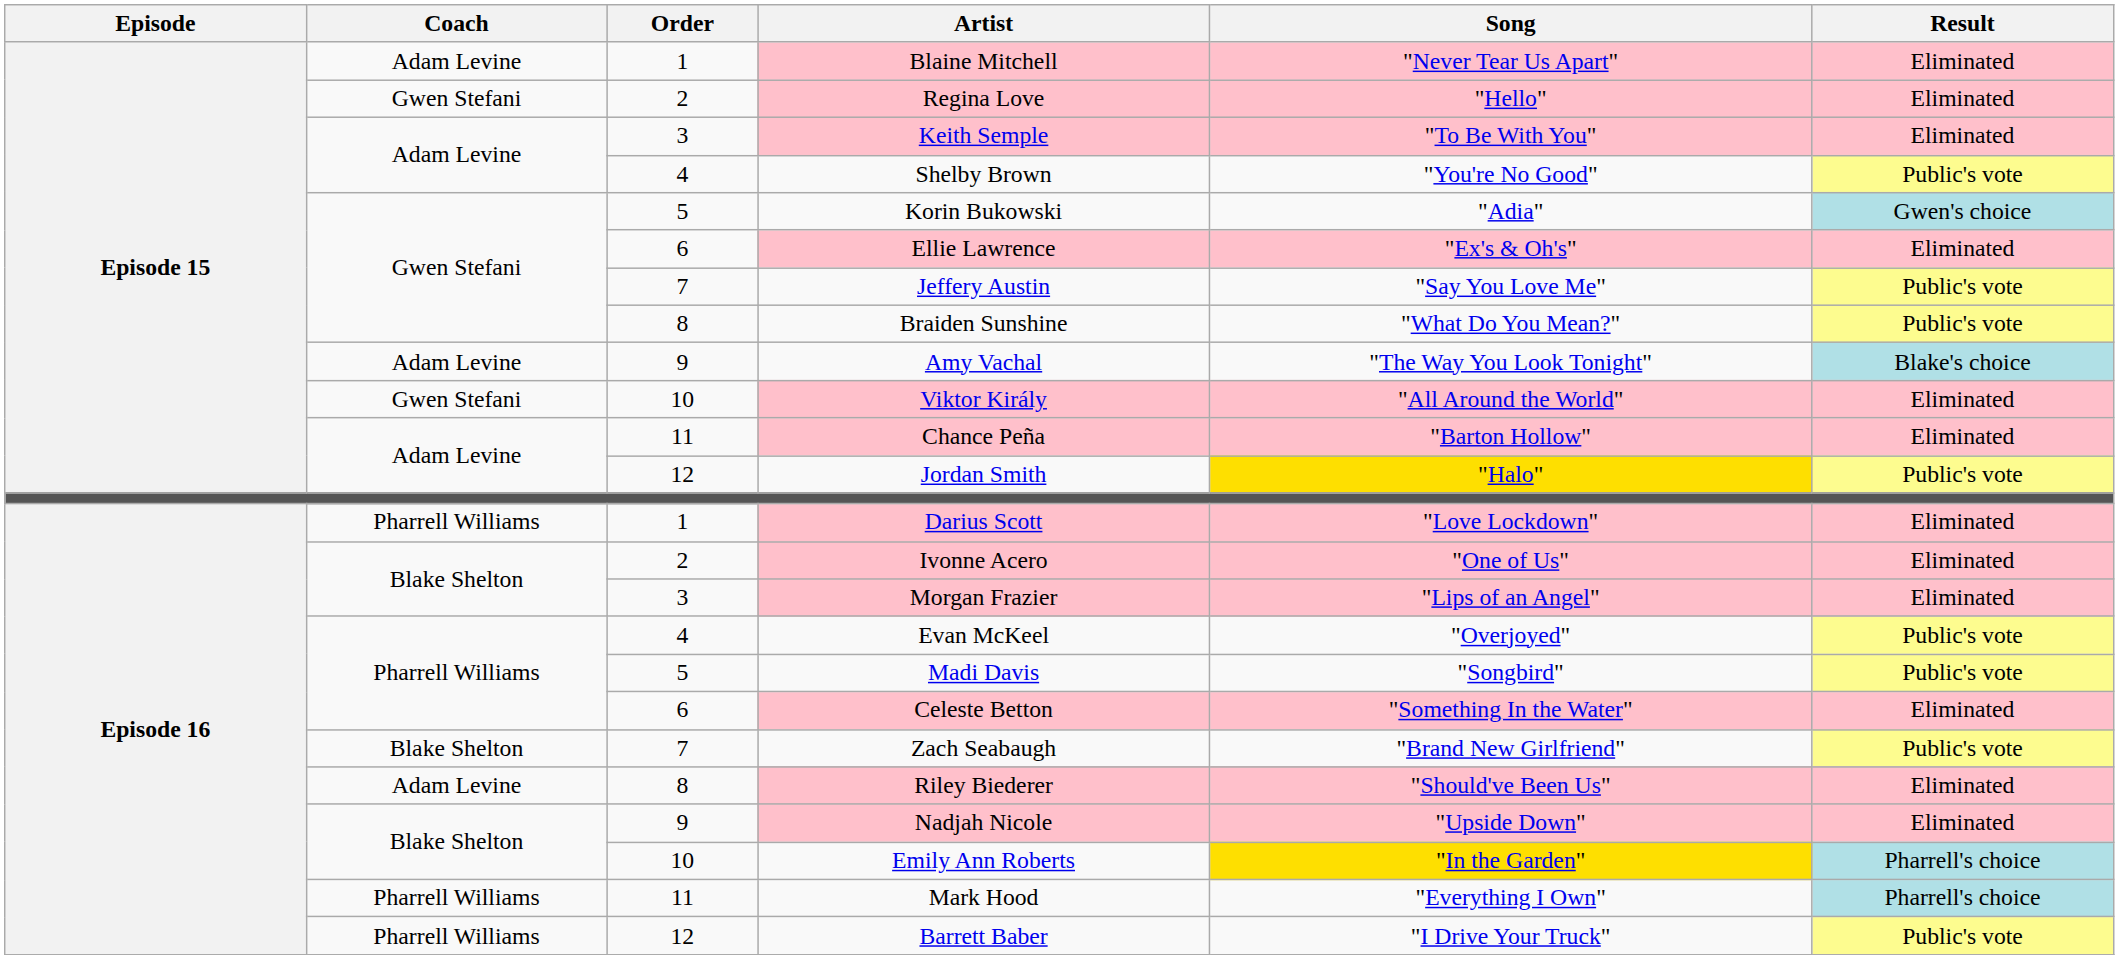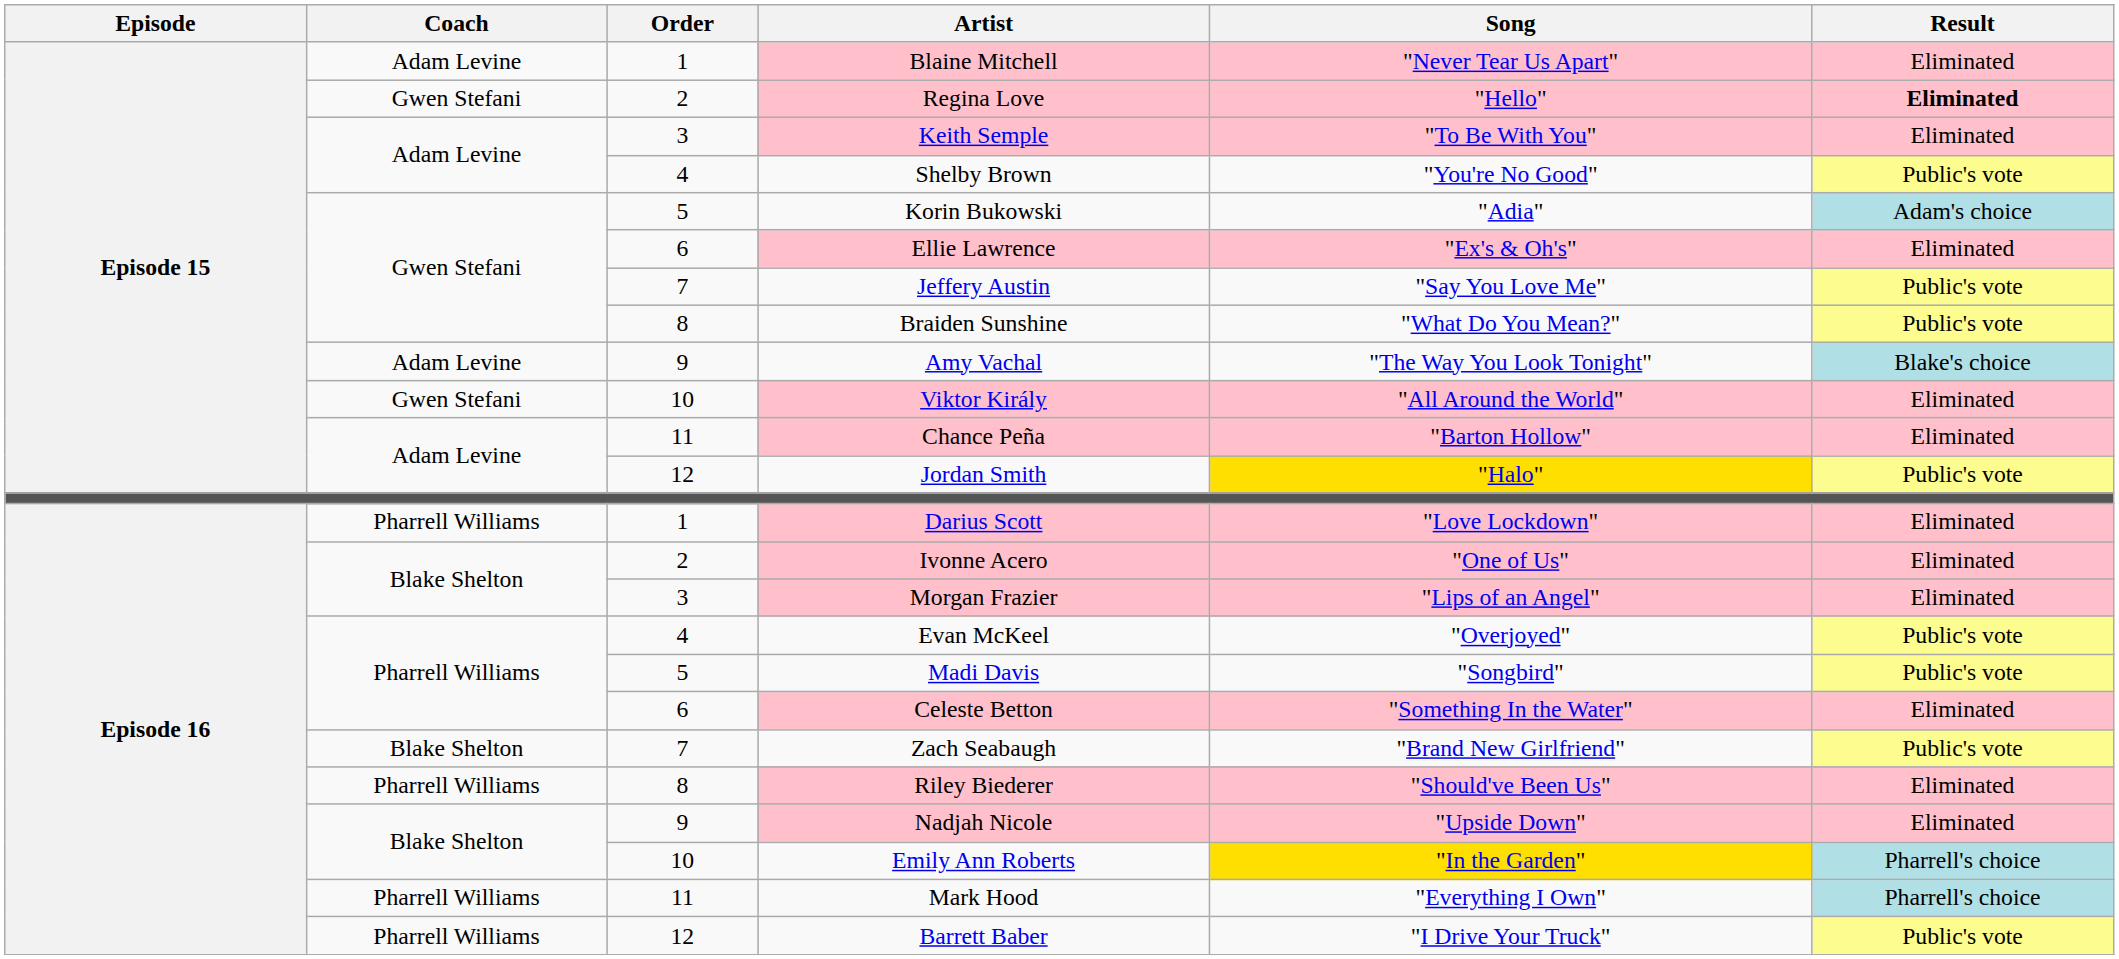 <table class="wikitable" style="text-align:center; width:90%;">
 <tr>
 <th style="width:10%;">Episode</th>
 <th style="width:10%;">Coach</th>
 <th style="width:05%;">Order</th>
 <th style="width:15%;">Artist</th>
 <th style="width:20%;">Song</th>
 <th style="width:10%;">Result</th>
 </tr>
 <tr>
 <th rowspan="12" scope="row">Episode 15<br><small></small></th>
 <td>Adam Levine</td>
 <td>1</td>
 <td style="background:pink;">Blaine Mitchell</td>
 <td style="background:pink;">"<a href='#'>Never Tear Us Apart</a>"</td>
 <td style="background:pink;">Eliminated</td>
 </tr>
 <tr>
 <td>Gwen Stefani</td>
 <td>2</td>
 <td style="background:pink;">Regina Love</td>
 <td style="background:pink;">"<a href='#'>Hello</a>"</td>
-<td style="background:pink;">Eliminated</td>
+<td style="background:pink;"><strong>Eliminated</strong></td>
 </tr>
 <tr>
 <td rowspan="2">Adam Levine</td>
 <td>3</td>
 <td style="background:pink;"><a href='#'>Keith Semple</a></td>
 <td style="background:pink;">"<a href='#'>To Be With You</a>"</td>
 <td style="background:pink;">Eliminated</td>
 </tr>
 <tr>
 <td>4</td>
 <td>Shelby Brown</td>
 <td>"<a href='#'>You're No Good</a>"</td>
 <td style="background:#fdfc8f;">Public's vote</td>
 </tr>
 <tr>
 <td rowspan="4">Gwen Stefani</td>
 <td>5</td>
 <td>Korin Bukowski</td>
 <td>"<a href='#'>Adia</a>"</td>
-<td style="background:#B0E0E6;">Gwen's choice</td>
+<td style="background:#B0E0E6;">Adam's choice</td>
 </tr>
 <tr>
 <td>6</td>
 <td style="background:pink;">Ellie Lawrence</td>
 <td style="background:pink;">"<a href='#'>Ex's & Oh's</a>"</td>
 <td style="background:pink;">Eliminated</td>
 </tr>
 <tr>
 <td>7</td>
 <td><a href='#'>Jeffery Austin</a></td>
 <td>"<a href='#'>Say You Love Me</a>"</td>
 <td style="background:#fdfc8f;">Public's vote</td>
 </tr>
 <tr>
 <td>8</td>
 <td>Braiden Sunshine</td>
 <td>"<a href='#'>What Do You Mean?</a>"</td>
 <td style="background:#fdfc8f;">Public's vote</td>
 </tr>
 <tr>
 <td>Adam Levine</td>
 <td>9</td>
 <td><a href='#'>Amy Vachal</a></td>
 <td>"<a href='#'>The Way You Look Tonight</a>"</td>
 <td style="background:#B0E0E6;">Blake's choice</td>
 </tr>
 <tr>
 <td>Gwen Stefani</td>
 <td>10</td>
 <td style="background:pink;"><a href='#'>Viktor Király</a></td>
 <td style="background:pink;">"<a href='#'>All Around the World</a>"</td>
 <td style="background:pink;">Eliminated</td>
 </tr>
 <tr>
 <td rowspan="2">Adam Levine</td>
 <td>11</td>
 <td style="background:pink;">Chance Peña</td>
 <td style="background:pink;">"<a href='#'>Barton Hollow</a>"</td>
 <td style="background:pink;">Eliminated</td>
 </tr>
 <tr>
 <td>12</td>
 <td><a href='#'>Jordan Smith</a></td>
 <td style="background:#fedf00;">"<a href='#'>Halo</a>"</td>
 <td style="background:#fdfc8f;">Public's vote</td>
 </tr>
 <tr>
 <td colspan="6" style="background:#555;"></td>
 </tr>
 <tr>
 <th rowspan="12" scope="row">Episode 16<br><small></small></th>
 <td>Pharrell Williams</td>
 <td>1</td>
 <td style="background:pink;"><a href='#'>Darius Scott</a></td>
 <td style="background:pink;">"<a href='#'>Love Lockdown</a>"</td>
 <td style="background:pink;">Eliminated</td>
 </tr>
 <tr>
 <td rowspan="2">Blake Shelton</td>
 <td>2</td>
 <td style="background:pink;">Ivonne Acero</td>
 <td style="background:pink;">"<a href='#'>One of Us</a>"</td>
 <td style="background:pink;">Eliminated</td>
 </tr>
 <tr>
 <td>3</td>
 <td style="background:pink;">Morgan Frazier</td>
 <td style="background:pink;">"<a href='#'>Lips of an Angel</a>"</td>
 <td style="background:pink;">Eliminated</td>
 </tr>
 <tr>
 <td rowspan="3">Pharrell Williams</td>
 <td>4</td>
 <td>Evan McKeel</td>
 <td>"<a href='#'>Overjoyed</a>"</td>
 <td style="background:#fdfc8f;">Public's vote</td>
 </tr>
 <tr>
 <td>5</td>
 <td><a href='#'>Madi Davis</a></td>
 <td>"<a href='#'>Songbird</a>"</td>
 <td style="background:#fdfc8f;">Public's vote</td>
 </tr>
 <tr>
 <td>6</td>
 <td style="background:pink;">Celeste Betton</td>
 <td style="background:pink;">"<a href='#'>Something In the Water</a>"</td>
 <td style="background:pink;">Eliminated</td>
 </tr>
 <tr>
 <td>Blake Shelton</td>
 <td>7</td>
 <td>Zach Seabaugh</td>
 <td>"<a href='#'>Brand New Girlfriend</a>"</td>
 <td style="background:#fdfc8f;">Public's vote</td>
 </tr>
 <tr>
-<td>Adam Levine</td>
+<td>Pharrell Williams</td>
 <td>8</td>
 <td style="background:pink;">Riley Biederer</td>
 <td style="background:pink;">"<a href='#'>Should've Been Us</a>"</td>
 <td style="background:pink;">Eliminated</td>
 </tr>
 <tr>
 <td rowspan="2">Blake Shelton</td>
 <td>9</td>
 <td style="background:pink;">Nadjah Nicole</td>
 <td style="background:pink;">"<a href='#'>Upside Down</a>"</td>
 <td style="background:pink;">Eliminated</td>
 </tr>
 <tr>
 <td>10</td>
 <td><a href='#'>Emily Ann Roberts</a></td>
 <td style="background:#fedf00;">"<a href='#'>In the Garden</a>"</td>
 <td style="background:#B0E0E6;">Pharrell's choice</td>
 </tr>
 <tr>
 <td>Pharrell Williams</td>
 <td>11</td>
 <td>Mark Hood</td>
 <td>"<a href='#'>Everything I Own</a>"</td>
 <td style="background:#B0E0E6;">Pharrell's choice</td>
 </tr>
 <tr>
 <td>Pharrell Williams</td>
 <td>12</td>
 <td><a href='#'>Barrett Baber</a></td>
 <td>"<a href='#'>I Drive Your Truck</a>"</td>
 <td style="background:#fdfc8f;">Public's vote</td>
 </tr>
 <tr>
 </tr>
 </table>
